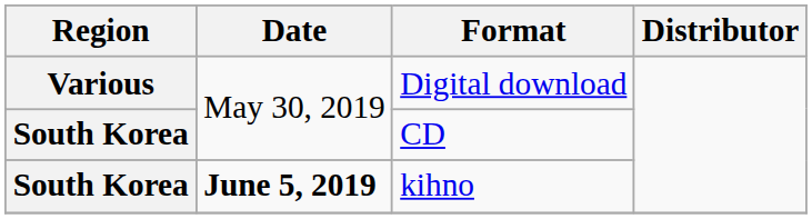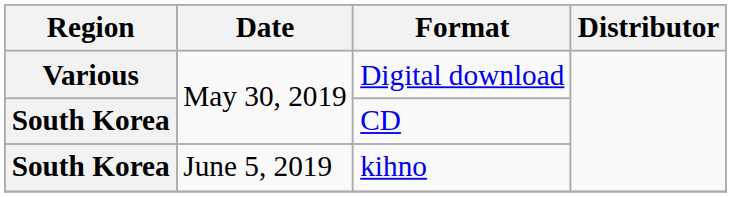 <table class="wikitable plainrowheaders">
 <tr>
 <th>Region</th>
 <th>Date</th>
 <th>Format</th>
 <th>Distributor</th>
 </tr>
 <tr>
 <th scope="row">Various</th>
 <td rowspan="3">May 30, 2019</td>
 <td rowspan="2"><a href='#'>Digital download</a></td>
 <td rowspan="4"></td>
 </tr>
 <tr>
 <th scope="row" rowspan="2">South Korea</th>
 </tr>
 <tr>
 <td><a href='#'>CD</a></td>
 </tr>
 <tr>
 <th scope=row>South Korea</th>
-<td><strong>June 5, 2019</strong></td>
+<td>June 5, 2019</td>
 <td><a href='#'>kihno</a></td>
 </tr>
 <tr>
 </tr>
 </table>
